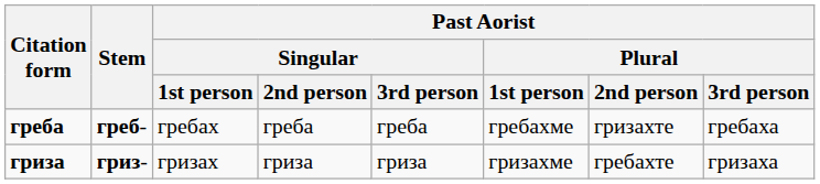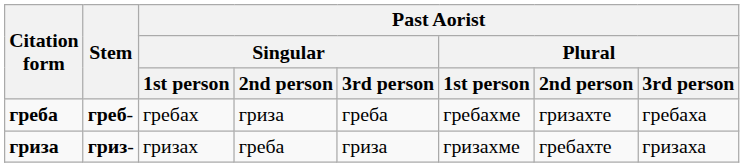 <table class="wikitable">
 <tr>
 <th rowspan="3">Citation<br>form</th>
 <th rowspan="3">Stem</th>
 <th colspan="6">Past Aorist</th>
 </tr>
 <tr>
 <th colspan="3">Singular</th>
 <th colspan="3">Plural</th>
 </tr>
 <tr>
 <th><strong>1st person</strong></th>
 <th><strong>2nd person</strong></th>
 <th><strong>3rd person</strong></th>
 <th><strong>1st person</strong></th>
 <th><strong>2nd person</strong></th>
 <th><strong>3rd person</strong></th>
 </tr>
 <tr>
 <td><strong>греба</strong> <br></td>
 <td><strong>греб</strong>- <br></td>
 <td>греб<span>а</span><span>х</span> <br></td>
-<td>греб<span>а</span> <br></td>
+<td>гриз<span>а</span> <br></td>
 <td>греб<span>а</span> <br></td>
 <td>греб<span>а</span><span>хме</span> <br></td>
 <td>гриз<span>а</span><span>хте</span> <br></td>
 <td>греб<span>а</span><span>ха</span> <br></td>
 </tr>
 <tr>
 <td><strong>гриза</strong> <br></td>
 <td><strong>гриз</strong>- <br></td>
 <td>гриз<span>а</span><span>х</span> <br></td>
-<td>гриз<span>а</span> <br></td>
+<td>греб<span>а</span> <br></td>
 <td>гриз<span>а</span> <br></td>
 <td>гриз<span>а</span><span>хме</span> <br></td>
 <td>греб<span>а</span><span>хте</span> <br></td>
 <td>гриз<span>а</span><span>ха</span> <br></td>
 </tr>
 </table>
